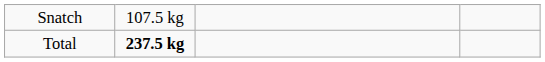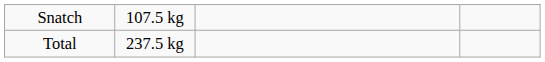 <table class = "wikitable" style="text-align:center;">
 <tr>
 <td width=100>Snatch</td>
 <td width=70>107.5 kg</td>
 <td width=250 align=left></td>
 <td width=70></td>
 </tr>
 <tr>
 <td>Total</td>
-<td><strong>237.5 kg</strong></td>
+<td>237.5 kg</td>
 <td align=left></td>
 <td></td>
 </tr>
 </table>
